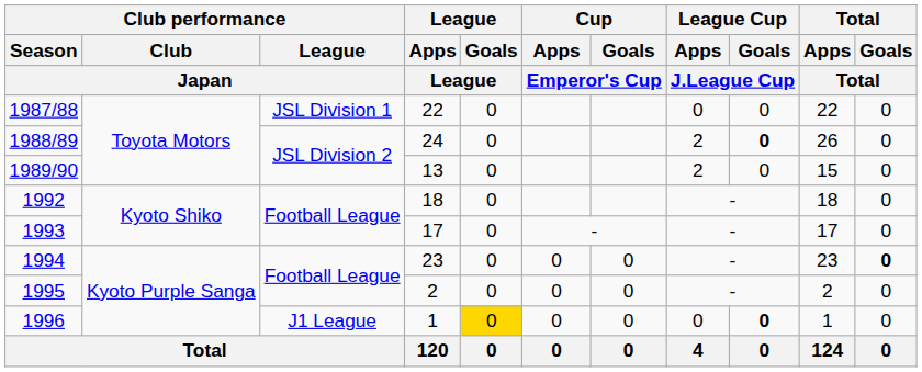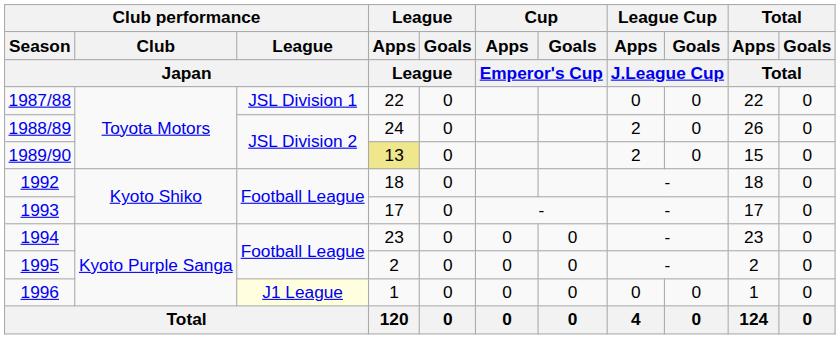 <table class="wikitable" style="text-align:center;">
 <tr>
 <th colspan=3>Club performance</th>
 <th colspan=2>League</th>
 <th colspan=2>Cup</th>
 <th colspan=2>League Cup</th>
 <th colspan=2>Total</th>
 </tr>
 <tr>
 <th>Season</th>
 <th>Club</th>
 <th>League</th>
 <th>Apps</th>
 <th>Goals</th>
 <th>Apps</th>
 <th>Goals</th>
 <th>Apps</th>
 <th>Goals</th>
 <th>Apps</th>
 <th>Goals</th>
 </tr>
 <tr>
 <th colspan=3>Japan</th>
 <th colspan=2>League</th>
 <th colspan=2><a href='#'>Emperor's Cup</a></th>
 <th colspan=2><a href='#'>J.League Cup</a></th>
 <th colspan=2>Total</th>
 </tr>
 <tr>
 <td><a href='#'>1987/88</a></td>
 <td rowspan="3"><a href='#'>Toyota Motors</a></td>
 <td><a href='#'>JSL Division 1</a></td>
 <td>22</td>
 <td>0</td>
 <td></td>
 <td></td>
 <td>0</td>
 <td>0</td>
 <td>22</td>
 <td>0</td>
 </tr>
 <tr>
 <td><a href='#'>1988/89</a></td>
 <td rowspan="2"><a href='#'>JSL Division 2</a></td>
 <td>24</td>
 <td>0</td>
 <td></td>
 <td></td>
 <td>2</td>
-<td><strong>0</strong></td>
+<td>0</td>
 <td>26</td>
 <td>0</td>
 </tr>
 <tr>
 <td><a href='#'>1989/90</a></td>
-<td>13</td>
+<td style="background: khaki;">13</td>
 <td>0</td>
 <td></td>
 <td></td>
 <td>2</td>
 <td>0</td>
 <td>15</td>
 <td>0</td>
 </tr>
 <tr>
 <td><a href='#'>1992</a></td>
 <td rowspan="2"><a href='#'>Kyoto Shiko</a></td>
 <td rowspan="2"><a href='#'>Football League</a></td>
 <td>18</td>
 <td>0</td>
 <td></td>
 <td></td>
 <td colspan="2">-</td>
 <td>18</td>
 <td>0</td>
 </tr>
 <tr>
 <td><a href='#'>1993</a></td>
 <td>17</td>
 <td>0</td>
 <td colspan="2">-</td>
 <td colspan="2">-</td>
 <td>17</td>
 <td>0</td>
 </tr>
 <tr>
 <td><a href='#'>1994</a></td>
 <td rowspan="3"><a href='#'>Kyoto Purple Sanga</a></td>
 <td rowspan="2"><a href='#'>Football League</a></td>
 <td>23</td>
 <td>0</td>
 <td>0</td>
 <td>0</td>
 <td colspan="2">-</td>
 <td>23</td>
-<td><strong>0</strong></td>
+<td>0</td>
 </tr>
 <tr>
 <td><a href='#'>1995</a></td>
 <td>2</td>
 <td>0</td>
 <td>0</td>
 <td>0</td>
 <td colspan="2">-</td>
 <td>2</td>
 <td>0</td>
 </tr>
 <tr>
 <td><a href='#'>1996</a></td>
-<td><a href='#'>J1 League</a></td>
+<td style="background: lightyellow;"><a href='#'>J1 League</a></td>
 <td>1</td>
-<td style="background: gold;">0</td>
 <td>0</td>
 <td>0</td>
 <td>0</td>
-<td><strong>0</strong></td>
+<td>0</td>
+<td>0</td>
 <td>1</td>
 <td>0</td>
 </tr>
 <tr>
 <th colspan=3>Total</th>
 <th>120</th>
 <th>0</th>
 <th>0</th>
 <th>0</th>
 <th>4</th>
 <th>0</th>
 <th>124</th>
 <th>0</th>
 </tr>
 </table>
